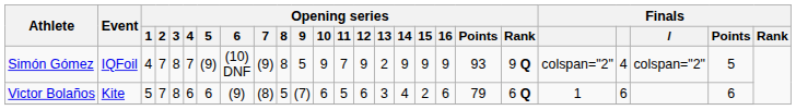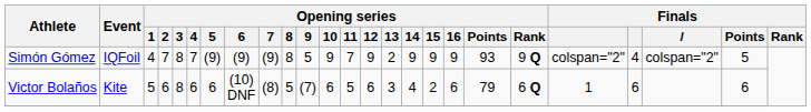 <table class=wikitable style=font-size:90%;text-align:center>
 <tr>
 <th rowspan=2>Athlete</th>
 <th rowspan=2>Event</th>
 <th colspan=18>Opening series</th>
 <th colspan=5>Finals</th>
 </tr>
 <tr style=font-size:95%>
 <th>1</th>
 <th>2</th>
 <th>3</th>
 <th>4</th>
 <th>5</th>
 <th>6</th>
 <th>7</th>
 <th>8</th>
 <th>9</th>
 <th>10</th>
 <th>11</th>
 <th>12</th>
 <th>13</th>
 <th>14</th>
 <th>15</th>
 <th>16</th>
 <th>Points</th>
 <th>Rank</th>
 <th></th>
 <th></th>
 <th> / </th>
 <th>Points</th>
 <th>Rank</th>
 </tr>
 <tr>
 <td align=left><a href='#'>Simón Gómez</a></td>
 <td align=left><a href='#'>IQFoil</a></td>
 <td>4</td>
 <td>7</td>
 <td>8</td>
 <td>7</td>
 <td>(9)</td>
-<td>(10)<br>DNF</td>
+<td>(9)</td>
 <td>(9)</td>
 <td>8</td>
 <td>5</td>
 <td>9</td>
 <td>7</td>
 <td>9</td>
 <td>2</td>
 <td>9</td>
 <td>9</td>
 <td>9</td>
 <td>93</td>
 <td>9 <strong>Q</strong></td>
 <td>colspan="2" </td>
 <td>4</td>
 <td>colspan="2" </td>
 <td>5</td>
 </tr>
 <tr>
 <td align=left><a href='#'>Victor Bolaños</a></td>
 <td align=left><a href='#'>Kite</a></td>
 <td>5</td>
-<td>7</td>
+<td>6</td>
 <td>8</td>
 <td>6</td>
 <td>6</td>
-<td>(9)</td>
+<td>(10)<br>DNF</td>
 <td>(8)</td>
 <td>5</td>
 <td>(7)</td>
 <td>6</td>
 <td>5</td>
 <td>6</td>
 <td>3</td>
 <td>4</td>
 <td>2</td>
 <td>6</td>
 <td>79</td>
 <td>6 <strong>Q</strong></td>
 <td>1</td>
 <td>6</td>
 <td></td>
 <td>6</td>
 </tr>
 <tr>
 </tr>
 </table>
